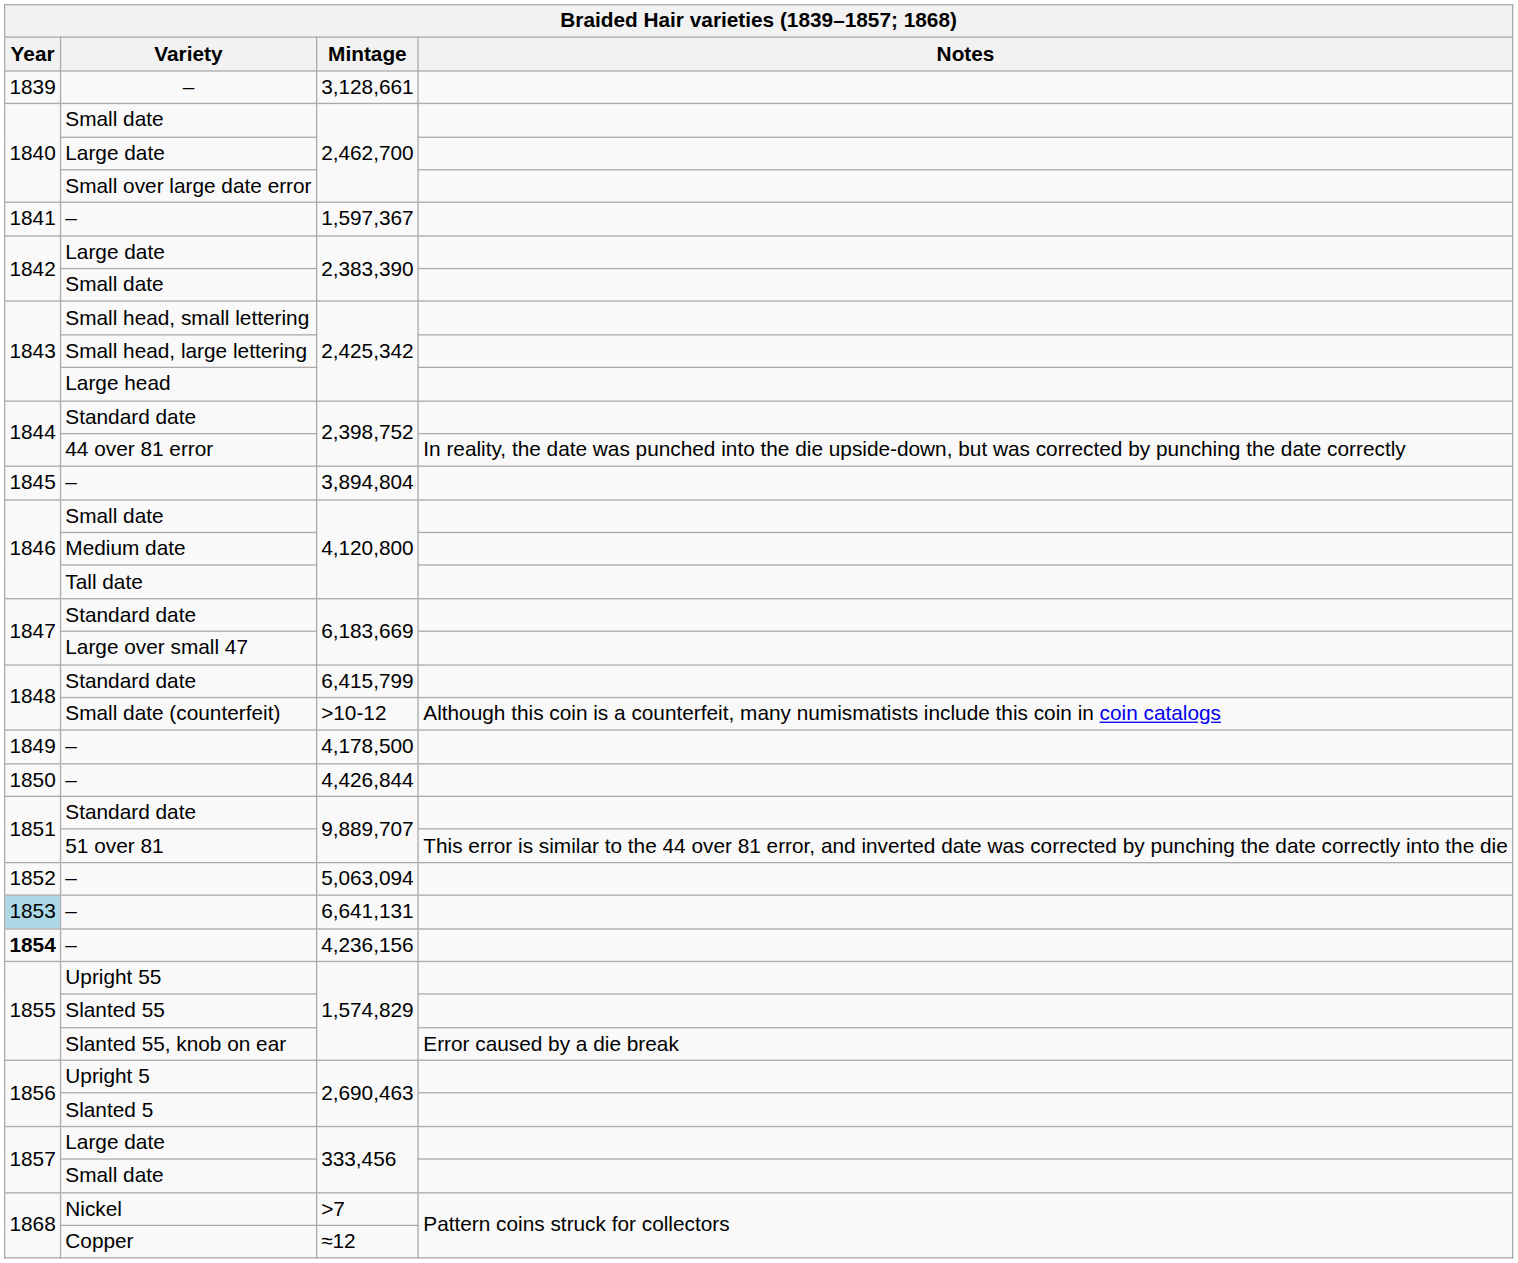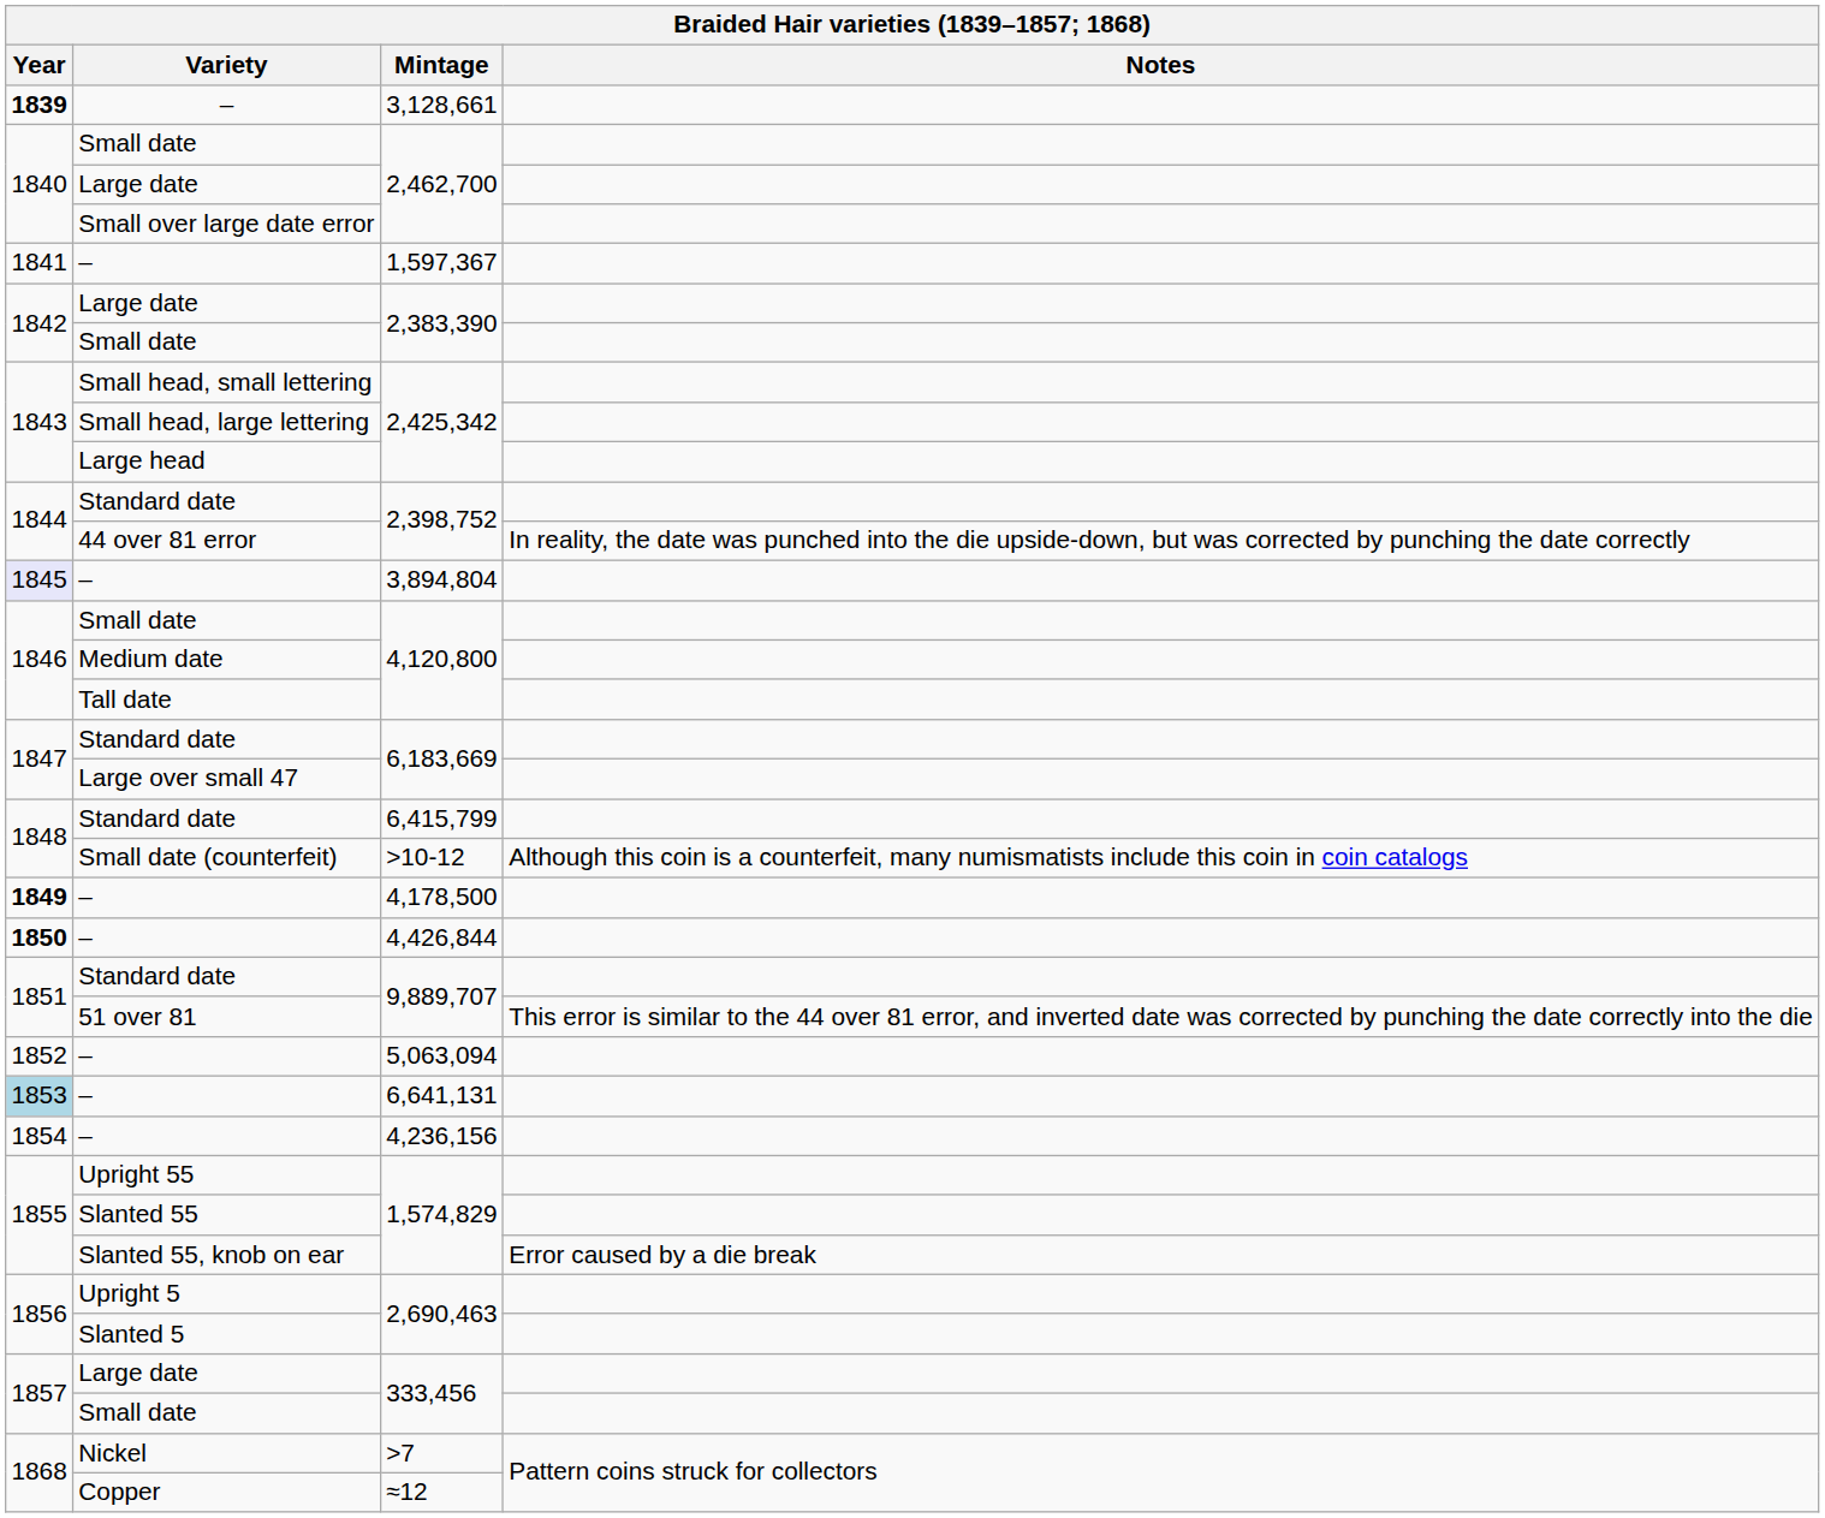 <table class="wikitable mw-collapsible mw-collapsed">
 <tr>
 <th colspan="4">Braided Hair varieties (1839–1857; 1868)</th>
 </tr>
 <tr>
 <th>Year</th>
 <th>Variety</th>
 <th>Mintage</th>
 <th>Notes</th>
 </tr>
 <tr>
-<td align="center">1839</td>
+<td align="center"><strong>1839</strong></td>
 <td align="center">–</td>
 <td align="center">3,128,661</td>
 <td align="center"></td>
 </tr>
 <tr>
 <td rowspan="3">1840</td>
 <td>Small date</td>
 <td rowspan="3">2,462,700</td>
 <td></td>
 </tr>
 <tr>
 <td>Large date</td>
 <td></td>
 </tr>
 <tr>
 <td>Small over large date error</td>
 <td></td>
 </tr>
 <tr>
 <td>1841</td>
 <td>–</td>
 <td>1,597,367</td>
 <td></td>
 </tr>
 <tr>
 <td rowspan="2">1842</td>
 <td>Large date</td>
 <td rowspan="2">2,383,390</td>
 <td></td>
 </tr>
 <tr>
 <td>Small date</td>
 <td></td>
 </tr>
 <tr>
 <td rowspan="3">1843</td>
 <td>Small head, small lettering</td>
 <td rowspan="3">2,425,342</td>
 <td></td>
 </tr>
 <tr>
 <td>Small head, large lettering</td>
 <td></td>
 </tr>
 <tr>
 <td>Large head</td>
 <td></td>
 </tr>
 <tr>
 <td rowspan="2">1844</td>
 <td>Standard date</td>
 <td rowspan="2">2,398,752</td>
 <td></td>
 </tr>
 <tr>
 <td>44 over 81 error</td>
 <td>In reality, the date was punched into the die upside-down, but was corrected by punching the date correctly</td>
 </tr>
 <tr>
-<td>1845</td>
+<td style="background: lavender;">1845</td>
 <td>–</td>
 <td>3,894,804</td>
 <td></td>
 </tr>
 <tr>
 <td rowspan="3">1846</td>
 <td>Small date</td>
 <td rowspan="3">4,120,800</td>
 <td></td>
 </tr>
 <tr>
 <td>Medium date</td>
 <td></td>
 </tr>
 <tr>
 <td>Tall date</td>
 <td></td>
 </tr>
 <tr>
 <td rowspan="2">1847</td>
 <td>Standard date</td>
 <td rowspan="2">6,183,669</td>
 <td></td>
 </tr>
 <tr>
 <td>Large over small 47</td>
 <td></td>
 </tr>
 <tr>
 <td rowspan="2">1848</td>
 <td>Standard date</td>
 <td>6,415,799</td>
 <td></td>
 </tr>
 <tr>
 <td>Small date (counterfeit)</td>
 <td>>10-12</td>
 <td>Although this coin is a counterfeit, many numismatists include this coin in <a href='#'>coin catalogs</a></td>
 </tr>
 <tr>
-<td>1849</td>
+<td><strong>1849</strong></td>
 <td>–</td>
 <td>4,178,500</td>
 <td></td>
 </tr>
 <tr>
-<td>1850</td>
+<td><strong>1850</strong></td>
 <td>–</td>
 <td>4,426,844</td>
 <td></td>
 </tr>
 <tr>
 <td rowspan="2">1851</td>
 <td>Standard date</td>
 <td rowspan="2">9,889,707</td>
 <td></td>
 </tr>
 <tr>
 <td>51 over 81</td>
 <td>This error is similar to the 44 over 81 error, and inverted date was corrected by punching the date correctly into the die</td>
 </tr>
 <tr>
 <td>1852</td>
 <td>–</td>
 <td>5,063,094</td>
 <td></td>
 </tr>
 <tr>
 <td style="background: lightblue;">1853</td>
 <td>–</td>
 <td>6,641,131</td>
 <td></td>
 </tr>
 <tr>
-<td><strong>1854</strong></td>
+<td>1854</td>
 <td>–</td>
 <td>4,236,156</td>
 <td></td>
 </tr>
 <tr>
 <td rowspan="3">1855</td>
 <td>Upright 55</td>
 <td rowspan="3">1,574,829</td>
 <td></td>
 </tr>
 <tr>
 <td>Slanted 55</td>
 <td></td>
 </tr>
 <tr>
 <td>Slanted 55, knob on ear</td>
 <td>Error caused by a die break</td>
 </tr>
 <tr>
 <td rowspan="2">1856</td>
 <td>Upright 5</td>
 <td rowspan="2">2,690,463</td>
 <td></td>
 </tr>
 <tr>
 <td>Slanted 5</td>
 <td></td>
 </tr>
 <tr>
 <td rowspan="2">1857</td>
 <td>Large date</td>
 <td rowspan="2">333,456</td>
 <td></td>
 </tr>
 <tr>
 <td>Small date</td>
 <td></td>
 </tr>
 <tr>
 <td rowspan="2">1868</td>
 <td>Nickel</td>
 <td>>7</td>
 <td rowspan="2">Pattern coins struck for collectors</td>
 </tr>
 <tr>
 <td>Copper</td>
 <td>≈12</td>
 </tr>
 </table>
